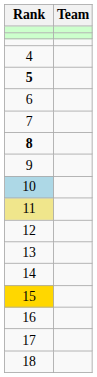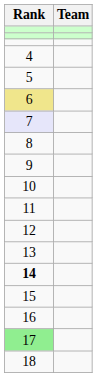 <table class="wikitable" style="text-align: center">
 <tr>
 <th width=50>Rank</th>
 <th>Team</th>
 </tr>
 <tr bgcolor=#ccffcc>
 <td></td>
 <td align=left></td>
 </tr>
 <tr bgcolor=#ccffcc>
 <td></td>
 <td align=left></td>
 </tr>
 <tr>
 <td></td>
 <td align=left></td>
 </tr>
 <tr>
 <td>4</td>
 <td align=left></td>
 </tr>
 <tr>
-<td><strong>5</strong></td>
+<td>5</td>
 <td align=left></td>
 </tr>
 <tr>
-<td>6</td>
+<td style="background: khaki;">6</td>
 <td align=left></td>
 </tr>
 <tr>
-<td>7</td>
+<td style="background: lavender;">7</td>
 <td align=left></td>
 </tr>
 <tr>
-<td><strong>8</strong></td>
+<td>8</td>
 <td align=left></td>
 </tr>
 <tr>
 <td>9</td>
 <td align=left></td>
 </tr>
 <tr>
-<td style="background: lightblue;">10</td>
+<td>10</td>
 <td align=left></td>
 </tr>
 <tr>
-<td style="background: khaki;">11</td>
+<td>11</td>
 <td align=left></td>
 </tr>
 <tr>
 <td>12</td>
 <td align=left></td>
 </tr>
 <tr>
 <td>13</td>
 <td align=left></td>
 </tr>
 <tr>
-<td>14</td>
+<td><strong>14</strong></td>
 <td align=left></td>
 </tr>
 <tr>
-<td style="background: gold;">15</td>
+<td>15</td>
 <td align=left></td>
 </tr>
 <tr>
 <td>16</td>
 <td align=left></td>
 </tr>
 <tr>
-<td>17</td>
+<td style="background: lightgreen;">17</td>
 <td align=left></td>
 </tr>
 <tr>
 <td>18</td>
 <td align=left></td>
 </tr>
 </table>
